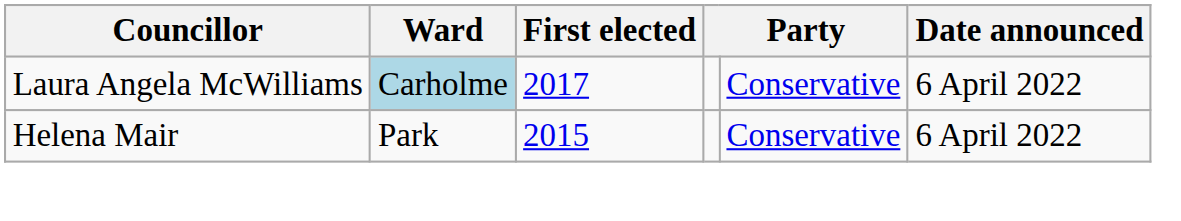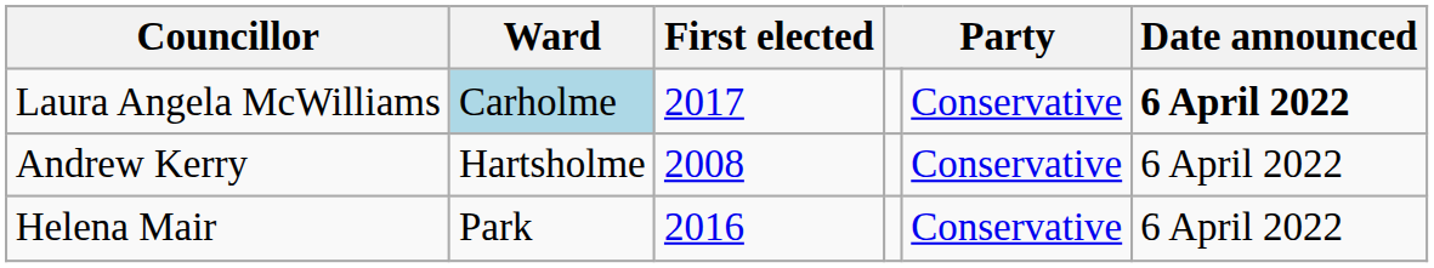 <table class="wikitable sortable">
 <tr>
 <th scope="col">Councillor</th>
 <th scope="col">Ward</th>
 <th scope="col">First elected</th>
 <th colspan="2" scope="col">Party</th>
 <th scope="col">Date announced</th>
 </tr>
 <tr>
 <td>Laura Angela McWilliams</td>
 <td style="background: lightblue;">Carholme</td>
 <td><a href='#'>2017</a></td>
 <td style="color:inherit;background:"></td>
 <td><a href='#'>Conservative</a></td>
+<td><strong>6 April 2022</strong></td>
+</tr>
+<tr>
+<td>Andrew Kerry</td>
+<td>Hartsholme</td>
+<td><a href='#'>2008</a></td>
+<td style="color:inherit;background:"></td>
+<td><a href='#'>Conservative</a></td>
 <td>6 April 2022</td>
 </tr>
 <tr>
 <td>Helena Mair</td>
 <td>Park</td>
-<td><a href='#'>2015</a></td>
+<td><a href='#'>2016</a></td>
 <td style="color:inherit;background:"></td>
 <td><a href='#'>Conservative</a></td>
 <td>6 April 2022</td>
 </tr>
 </table>
